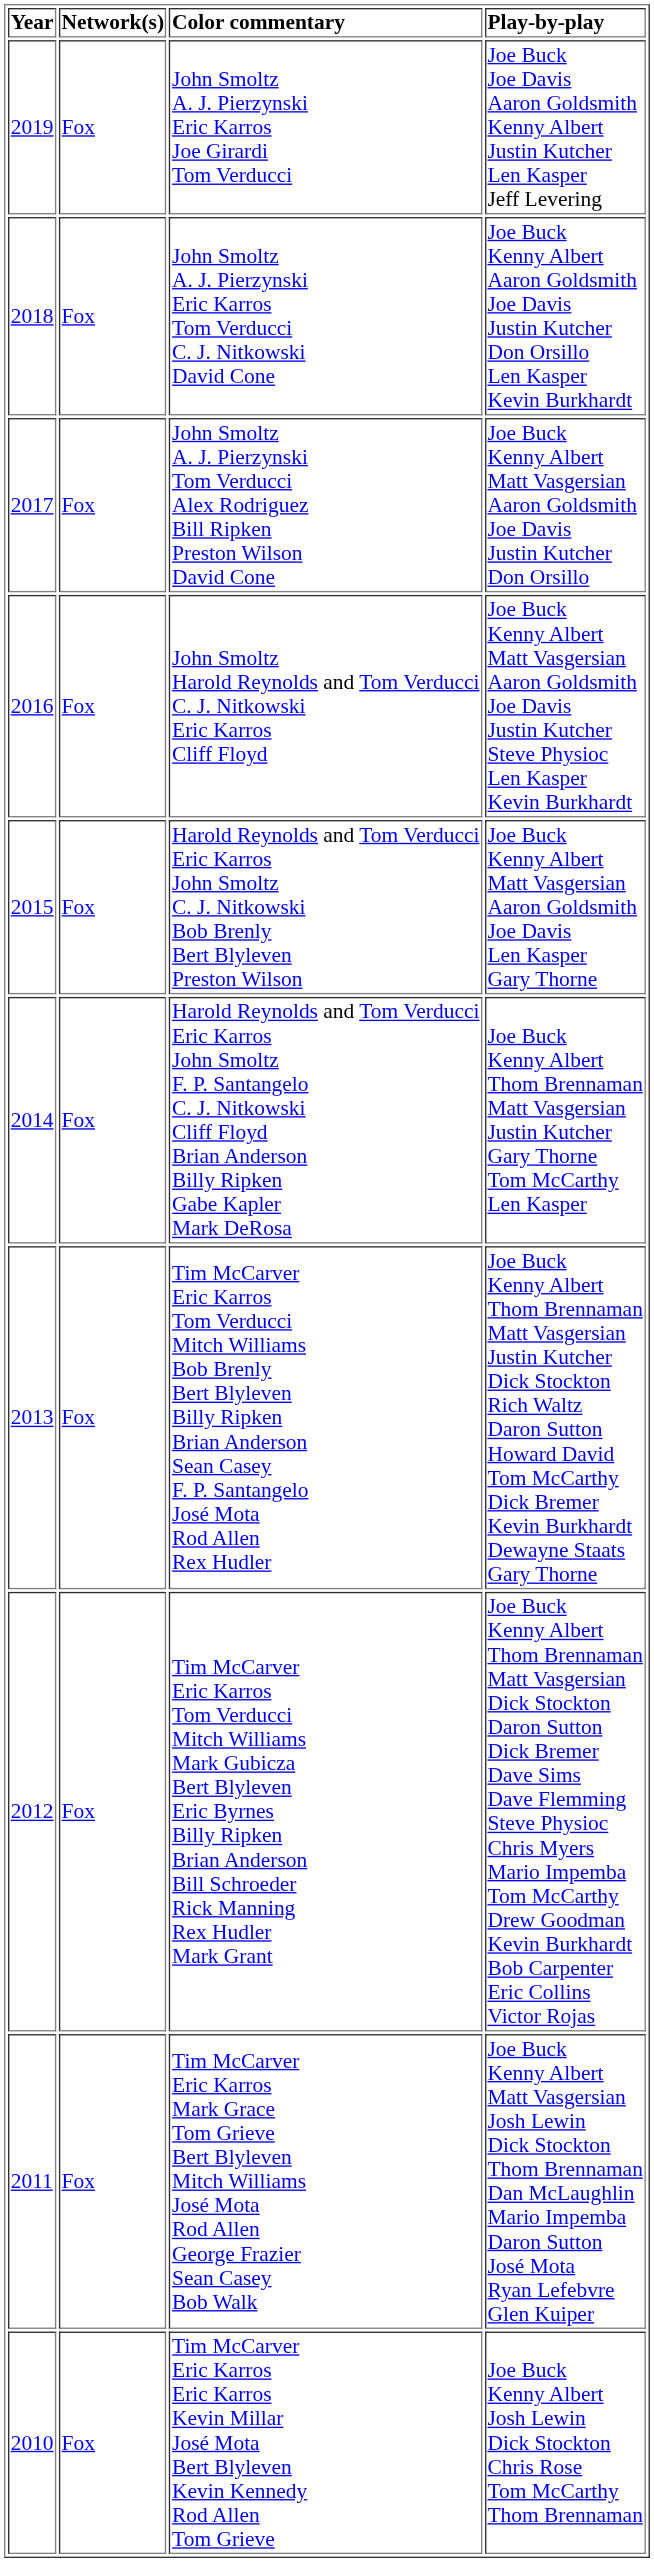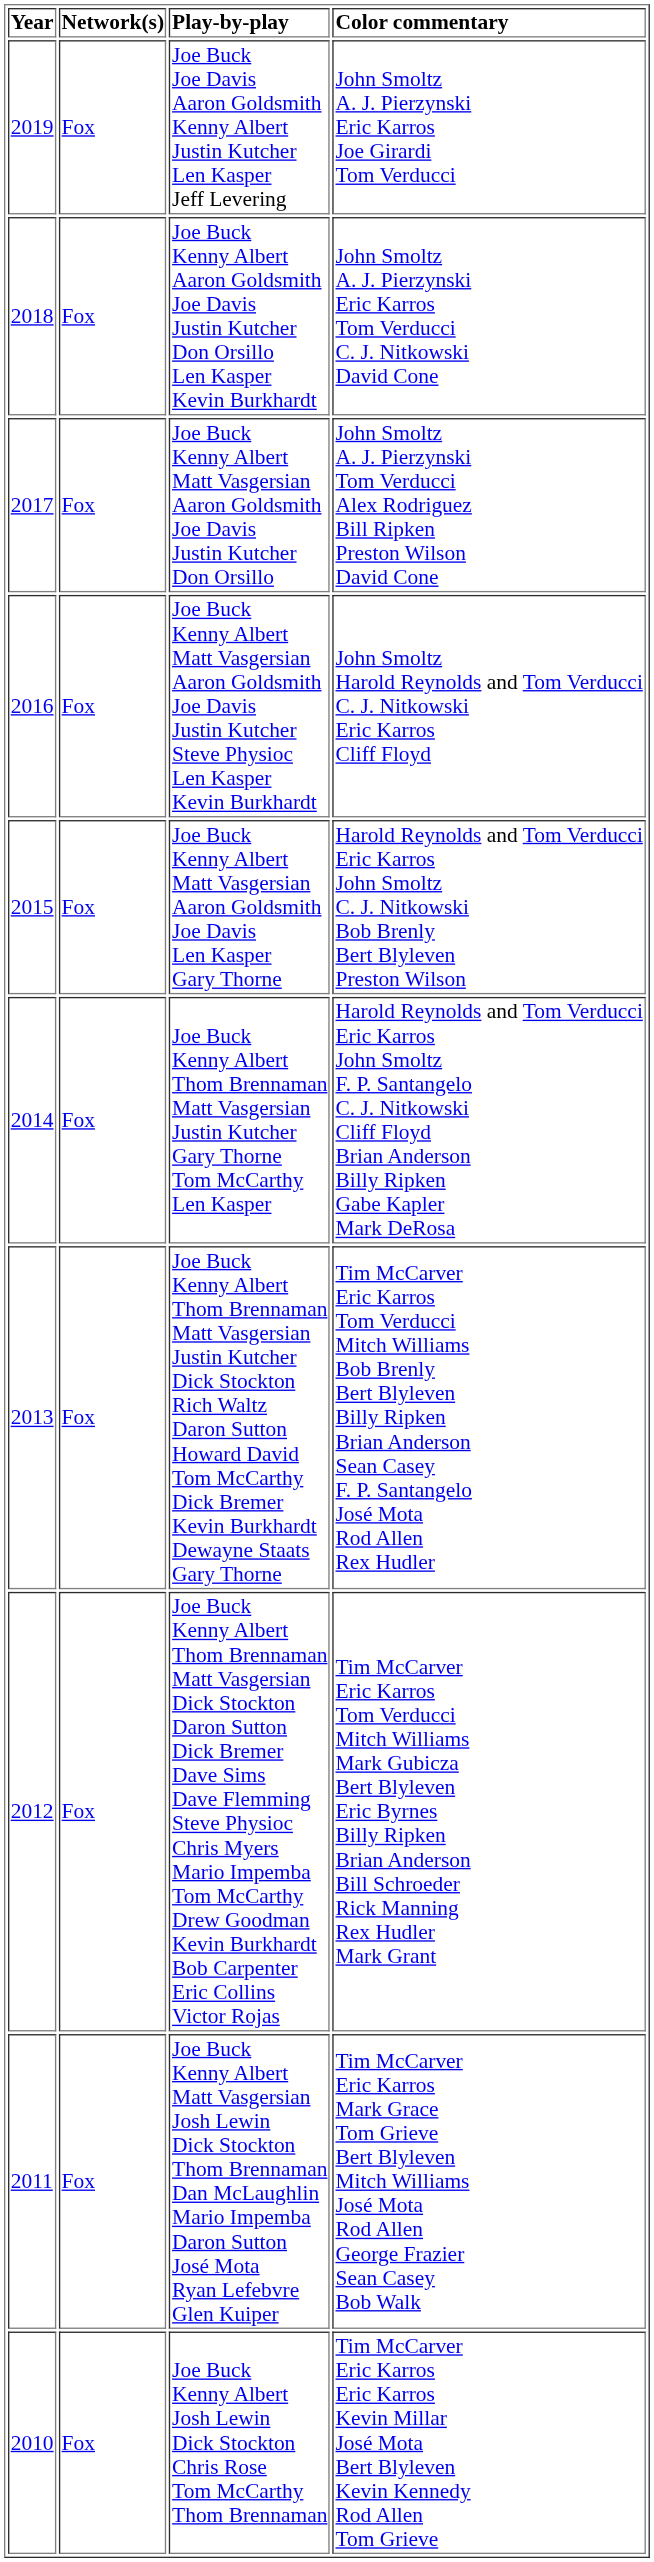 <table border="1" cellpadding="1">
 <tr>
 <td><strong>Year</strong></td>
 <td><strong>Network(s)</strong></td>
+<td><strong>Play-by-play</strong></td>
 <td><strong>Color commentary</strong></td>
-<td><strong>Play-by-play</strong></td>
 </tr>
 <tr>
 <td><a href='#'>2019</a></td>
 <td><a href='#'>Fox</a></td>
+<td><a href='#'>Joe Buck</a><br><a href='#'>Joe Davis</a><br><a href='#'>Aaron Goldsmith</a><br><a href='#'>Kenny Albert</a><br><a href='#'>Justin Kutcher</a><br><a href='#'>Len Kasper</a><br>Jeff Levering</td>
 <td><a href='#'>John Smoltz</a><br><a href='#'>A. J. Pierzynski</a><br><a href='#'>Eric Karros</a><br><a href='#'>Joe Girardi</a><br><a href='#'>Tom Verducci</a></td>
-<td><a href='#'>Joe Buck</a><br><a href='#'>Joe Davis</a><br><a href='#'>Aaron Goldsmith</a><br><a href='#'>Kenny Albert</a><br><a href='#'>Justin Kutcher</a><br><a href='#'>Len Kasper</a><br>Jeff Levering</td>
 </tr>
 <tr>
 <td><a href='#'>2018</a></td>
 <td><a href='#'>Fox</a></td>
+<td><a href='#'>Joe Buck</a><br><a href='#'>Kenny Albert</a><br><a href='#'>Aaron Goldsmith</a><br><a href='#'>Joe Davis</a><br><a href='#'>Justin Kutcher</a><br><a href='#'>Don Orsillo</a><br><a href='#'>Len Kasper</a><br><a href='#'>Kevin Burkhardt</a></td>
 <td><a href='#'>John Smoltz</a><br><a href='#'>A. J. Pierzynski</a><br><a href='#'>Eric Karros</a><br><a href='#'>Tom Verducci</a><br><a href='#'>C. J. Nitkowski</a><br><a href='#'>David Cone</a></td>
-<td><a href='#'>Joe Buck</a><br><a href='#'>Kenny Albert</a><br><a href='#'>Aaron Goldsmith</a><br><a href='#'>Joe Davis</a><br><a href='#'>Justin Kutcher</a><br><a href='#'>Don Orsillo</a><br><a href='#'>Len Kasper</a><br><a href='#'>Kevin Burkhardt</a></td>
 </tr>
 <tr>
 <td><a href='#'>2017</a></td>
 <td><a href='#'>Fox</a></td>
+<td><a href='#'>Joe Buck</a><br><a href='#'>Kenny Albert</a><br><a href='#'>Matt Vasgersian</a><br><a href='#'>Aaron Goldsmith</a><br><a href='#'>Joe Davis</a><br><a href='#'>Justin Kutcher</a><br><a href='#'>Don Orsillo</a></td>
 <td><a href='#'>John Smoltz</a><br><a href='#'>A. J. Pierzynski</a><br><a href='#'>Tom Verducci</a><br><a href='#'>Alex Rodriguez</a><br><a href='#'>Bill Ripken</a><br><a href='#'>Preston Wilson</a><br><a href='#'>David Cone</a></td>
-<td><a href='#'>Joe Buck</a><br><a href='#'>Kenny Albert</a><br><a href='#'>Matt Vasgersian</a><br><a href='#'>Aaron Goldsmith</a><br><a href='#'>Joe Davis</a><br><a href='#'>Justin Kutcher</a><br><a href='#'>Don Orsillo</a></td>
 </tr>
 <tr>
 <td><a href='#'>2016</a></td>
 <td><a href='#'>Fox</a></td>
+<td><a href='#'>Joe Buck</a><br><a href='#'>Kenny Albert</a><br><a href='#'>Matt Vasgersian</a><br><a href='#'>Aaron Goldsmith</a><br><a href='#'>Joe Davis</a><br><a href='#'>Justin Kutcher</a><br><a href='#'>Steve Physioc</a><br><a href='#'>Len Kasper</a><br><a href='#'>Kevin Burkhardt</a></td>
 <td><a href='#'>John Smoltz</a><br><a href='#'>Harold Reynolds</a> and <a href='#'>Tom Verducci</a><br><a href='#'>C. J. Nitkowski</a><br><a href='#'>Eric Karros</a><br><a href='#'>Cliff Floyd</a></td>
-<td><a href='#'>Joe Buck</a><br><a href='#'>Kenny Albert</a><br><a href='#'>Matt Vasgersian</a><br><a href='#'>Aaron Goldsmith</a><br><a href='#'>Joe Davis</a><br><a href='#'>Justin Kutcher</a><br><a href='#'>Steve Physioc</a><br><a href='#'>Len Kasper</a><br><a href='#'>Kevin Burkhardt</a></td>
 </tr>
 <tr>
 <td><a href='#'>2015</a></td>
 <td><a href='#'>Fox</a></td>
+<td><a href='#'>Joe Buck</a><br><a href='#'>Kenny Albert</a><br><a href='#'>Matt Vasgersian</a><br><a href='#'>Aaron Goldsmith</a><br><a href='#'>Joe Davis</a><br><a href='#'>Len Kasper</a><br><a href='#'>Gary Thorne</a></td>
 <td><a href='#'>Harold Reynolds</a> and <a href='#'>Tom Verducci</a><br><a href='#'>Eric Karros</a><br><a href='#'>John Smoltz</a><br><a href='#'>C. J. Nitkowski</a><br><a href='#'>Bob Brenly</a><br><a href='#'>Bert Blyleven</a><br><a href='#'>Preston Wilson</a></td>
-<td><a href='#'>Joe Buck</a><br><a href='#'>Kenny Albert</a><br><a href='#'>Matt Vasgersian</a><br><a href='#'>Aaron Goldsmith</a><br><a href='#'>Joe Davis</a><br><a href='#'>Len Kasper</a><br><a href='#'>Gary Thorne</a></td>
 </tr>
 <tr>
 <td><a href='#'>2014</a></td>
 <td><a href='#'>Fox</a></td>
+<td><a href='#'>Joe Buck</a><br><a href='#'>Kenny Albert</a><br><a href='#'>Thom Brennaman</a><br><a href='#'>Matt Vasgersian</a><br><a href='#'>Justin Kutcher</a><br><a href='#'>Gary Thorne</a><br><a href='#'>Tom McCarthy</a><br><a href='#'>Len Kasper</a></td>
 <td><a href='#'>Harold Reynolds</a> and <a href='#'>Tom Verducci</a><br><a href='#'>Eric Karros</a><br><a href='#'>John Smoltz</a><br><a href='#'>F. P. Santangelo</a><br><a href='#'>C. J. Nitkowski</a><br><a href='#'>Cliff Floyd</a><br><a href='#'>Brian Anderson</a><br><a href='#'>Billy Ripken</a><br><a href='#'>Gabe Kapler</a><br><a href='#'>Mark DeRosa</a></td>
-<td><a href='#'>Joe Buck</a><br><a href='#'>Kenny Albert</a><br><a href='#'>Thom Brennaman</a><br><a href='#'>Matt Vasgersian</a><br><a href='#'>Justin Kutcher</a><br><a href='#'>Gary Thorne</a><br><a href='#'>Tom McCarthy</a><br><a href='#'>Len Kasper</a></td>
 </tr>
 <tr>
 <td><a href='#'>2013</a></td>
 <td><a href='#'>Fox</a></td>
+<td><a href='#'>Joe Buck</a><br><a href='#'>Kenny Albert</a><br><a href='#'>Thom Brennaman</a><br><a href='#'>Matt Vasgersian</a><br><a href='#'>Justin Kutcher</a><br><a href='#'>Dick Stockton</a><br><a href='#'>Rich Waltz</a><br><a href='#'>Daron Sutton</a><br><a href='#'>Howard David</a><br><a href='#'>Tom McCarthy</a><br><a href='#'>Dick Bremer</a><br><a href='#'>Kevin Burkhardt</a><br><a href='#'>Dewayne Staats</a><br><a href='#'>Gary Thorne</a></td>
 <td><a href='#'>Tim McCarver</a><br><a href='#'>Eric Karros</a><br><a href='#'>Tom Verducci</a><br><a href='#'>Mitch Williams</a><br><a href='#'>Bob Brenly</a><br><a href='#'>Bert Blyleven</a><br><a href='#'>Billy Ripken</a><br><a href='#'>Brian Anderson</a><br><a href='#'>Sean Casey</a><br><a href='#'>F. P. Santangelo</a><br><a href='#'>José Mota</a><br><a href='#'>Rod Allen</a><br><a href='#'>Rex Hudler</a></td>
-<td><a href='#'>Joe Buck</a><br><a href='#'>Kenny Albert</a><br><a href='#'>Thom Brennaman</a><br><a href='#'>Matt Vasgersian</a><br><a href='#'>Justin Kutcher</a><br><a href='#'>Dick Stockton</a><br><a href='#'>Rich Waltz</a><br><a href='#'>Daron Sutton</a><br><a href='#'>Howard David</a><br><a href='#'>Tom McCarthy</a><br><a href='#'>Dick Bremer</a><br><a href='#'>Kevin Burkhardt</a><br><a href='#'>Dewayne Staats</a><br><a href='#'>Gary Thorne</a></td>
 </tr>
 <tr>
 <td><a href='#'>2012</a></td>
 <td><a href='#'>Fox</a></td>
+<td><a href='#'>Joe Buck</a><br><a href='#'>Kenny Albert</a><br><a href='#'>Thom Brennaman</a><br><a href='#'>Matt Vasgersian</a><br><a href='#'>Dick Stockton</a><br><a href='#'>Daron Sutton</a><br><a href='#'>Dick Bremer</a><br><a href='#'>Dave Sims</a><br><a href='#'>Dave Flemming</a><br><a href='#'>Steve Physioc</a><br><a href='#'>Chris Myers</a><br><a href='#'>Mario Impemba</a><br><a href='#'>Tom McCarthy</a><br><a href='#'>Drew Goodman</a><br><a href='#'>Kevin Burkhardt</a><br><a href='#'>Bob Carpenter</a><br><a href='#'>Eric Collins</a><br><a href='#'>Victor Rojas</a></td>
 <td><a href='#'>Tim McCarver</a><br><a href='#'>Eric Karros</a><br><a href='#'>Tom Verducci</a><br><a href='#'>Mitch Williams</a><br><a href='#'>Mark Gubicza</a><br><a href='#'>Bert Blyleven</a><br><a href='#'>Eric Byrnes</a><br><a href='#'>Billy Ripken</a><br><a href='#'>Brian Anderson</a><br><a href='#'>Bill Schroeder</a><br><a href='#'>Rick Manning</a><br><a href='#'>Rex Hudler</a><br><a href='#'>Mark Grant</a></td>
-<td><a href='#'>Joe Buck</a><br><a href='#'>Kenny Albert</a><br><a href='#'>Thom Brennaman</a><br><a href='#'>Matt Vasgersian</a><br><a href='#'>Dick Stockton</a><br><a href='#'>Daron Sutton</a><br><a href='#'>Dick Bremer</a><br><a href='#'>Dave Sims</a><br><a href='#'>Dave Flemming</a><br><a href='#'>Steve Physioc</a><br><a href='#'>Chris Myers</a><br><a href='#'>Mario Impemba</a><br><a href='#'>Tom McCarthy</a><br><a href='#'>Drew Goodman</a><br><a href='#'>Kevin Burkhardt</a><br><a href='#'>Bob Carpenter</a><br><a href='#'>Eric Collins</a><br><a href='#'>Victor Rojas</a></td>
 </tr>
 <tr>
 <td><a href='#'>2011</a></td>
 <td><a href='#'>Fox</a></td>
+<td><a href='#'>Joe Buck</a><br><a href='#'>Kenny Albert</a><br><a href='#'>Matt Vasgersian</a><br><a href='#'>Josh Lewin</a><br><a href='#'>Dick Stockton</a><br><a href='#'>Thom Brennaman</a><br><a href='#'>Dan McLaughlin</a><br><a href='#'>Mario Impemba</a><br><a href='#'>Daron Sutton</a><br><a href='#'>José Mota</a><br><a href='#'>Ryan Lefebvre</a><br><a href='#'>Glen Kuiper</a></td>
 <td><a href='#'>Tim McCarver</a><br><a href='#'>Eric Karros</a><br><a href='#'>Mark Grace</a><br><a href='#'>Tom Grieve</a><br><a href='#'>Bert Blyleven</a><br><a href='#'>Mitch Williams</a><br><a href='#'>José Mota</a><br><a href='#'>Rod Allen</a><br><a href='#'>George Frazier</a><br><a href='#'>Sean Casey</a><br><a href='#'>Bob Walk</a></td>
-<td><a href='#'>Joe Buck</a><br><a href='#'>Kenny Albert</a><br><a href='#'>Matt Vasgersian</a><br><a href='#'>Josh Lewin</a><br><a href='#'>Dick Stockton</a><br><a href='#'>Thom Brennaman</a><br><a href='#'>Dan McLaughlin</a><br><a href='#'>Mario Impemba</a><br><a href='#'>Daron Sutton</a><br><a href='#'>José Mota</a><br><a href='#'>Ryan Lefebvre</a><br><a href='#'>Glen Kuiper</a></td>
 </tr>
 <tr>
 <td><a href='#'>2010</a></td>
 <td><a href='#'>Fox</a></td>
+<td><a href='#'>Joe Buck</a><br><a href='#'>Kenny Albert</a><br><a href='#'>Josh Lewin</a><br><a href='#'>Dick Stockton</a><br><a href='#'>Chris Rose</a><br><a href='#'>Tom McCarthy</a><br><a href='#'>Thom Brennaman</a></td>
 <td><a href='#'>Tim McCarver</a><br><a href='#'>Eric Karros</a><br><a href='#'>Eric Karros</a><br><a href='#'>Kevin Millar</a><br><a href='#'>José Mota</a><br><a href='#'>Bert Blyleven</a><br><a href='#'>Kevin Kennedy</a><br><a href='#'>Rod Allen</a><br><a href='#'>Tom Grieve</a></td>
-<td><a href='#'>Joe Buck</a><br><a href='#'>Kenny Albert</a><br><a href='#'>Josh Lewin</a><br><a href='#'>Dick Stockton</a><br><a href='#'>Chris Rose</a><br><a href='#'>Tom McCarthy</a><br><a href='#'>Thom Brennaman</a></td>
 </tr>
 </table>
